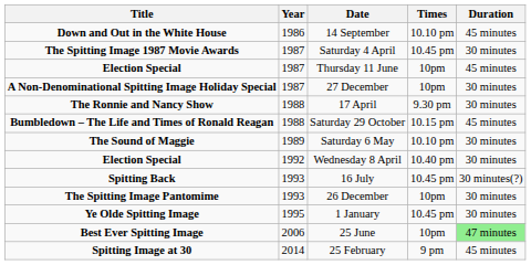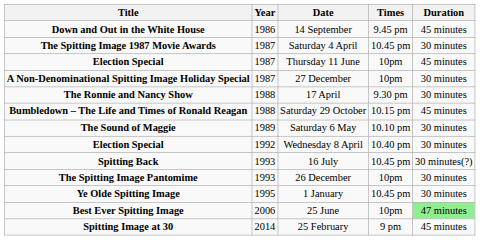 <table class="wikitable" style="left: 0 auto; text-align: center;">
 <tr>
 <th>Title</th>
 <th>Year</th>
 <th>Date</th>
 <th>Times</th>
 <th>Duration</th>
 </tr>
 <tr>
 <td><strong>Down and Out in the White House</strong></td>
 <td>1986</td>
 <td>14 September</td>
-<td>10.10 pm</td>
+<td>9.45 pm</td>
 <td>45 minutes</td>
 </tr>
 <tr>
 <td><strong>The Spitting Image 1987 Movie Awards</strong></td>
 <td>1987</td>
 <td>Saturday 4 April</td>
 <td>10.45 pm</td>
 <td>30 minutes</td>
 </tr>
 <tr>
 <td><strong>Election Special</strong></td>
 <td>1987</td>
 <td>Thursday 11 June</td>
 <td>10pm</td>
 <td>45 minutes</td>
 </tr>
 <tr>
 <td><strong>A Non-Denominational Spitting Image Holiday Special</strong></td>
 <td>1987</td>
 <td>27 December</td>
 <td>10pm</td>
 <td>30 minutes</td>
 </tr>
 <tr>
 <td><strong>The Ronnie and Nancy Show</strong></td>
 <td>1988</td>
 <td>17 April</td>
 <td>9.30 pm</td>
 <td>30 minutes</td>
 </tr>
 <tr>
 <td><strong>Bumbledown – The Life and Times of Ronald Reagan</strong></td>
 <td>1988</td>
 <td>Saturday 29 October</td>
 <td>10.15 pm</td>
 <td>45 minutes</td>
 </tr>
 <tr>
 <td><strong>The Sound of Maggie</strong></td>
 <td>1989</td>
 <td>Saturday 6 May</td>
 <td>10.10 pm</td>
 <td>30 minutes</td>
 </tr>
 <tr>
 <td><strong>Election Special</strong></td>
 <td>1992</td>
 <td>Wednesday 8 April</td>
 <td>10.40 pm</td>
 <td>30 minutes</td>
 </tr>
 <tr>
 <td><strong>Spitting Back</strong></td>
 <td>1993</td>
 <td>16 July</td>
 <td>10.45 pm</td>
 <td>30 minutes(?)</td>
 </tr>
 <tr>
 <td><strong>The Spitting Image Pantomime</strong></td>
 <td>1993</td>
 <td>26 December</td>
 <td>10pm</td>
 <td>30 minutes</td>
 </tr>
 <tr>
 <td><strong>Ye Olde Spitting Image</strong></td>
 <td>1995</td>
 <td>1 January</td>
 <td>10.45 pm</td>
 <td>30 minutes</td>
 </tr>
 <tr>
 <td><strong>Best Ever Spitting Image</strong></td>
 <td>2006</td>
 <td>25 June</td>
 <td>10pm</td>
 <td style="background: lightgreen;">47 minutes</td>
 </tr>
 <tr>
 <td><strong>Spitting Image at 30</strong></td>
 <td>2014</td>
 <td>25 February</td>
 <td>9 pm</td>
 <td>45 minutes</td>
 </tr>
 </table>
